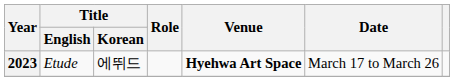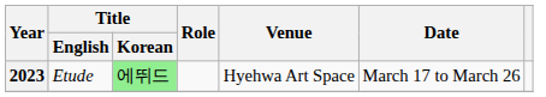 <table class="wikitable sortable plainrowheaders" style="text-align:left; font-size:100%;">
 <tr>
 <th scope="col" rowspan="2">Year</th>
 <th scope="col" colspan="2">Title</th>
 <th scope="col" rowspan="2">Role</th>
 <th scope="col" rowspan="2" class="unsortable">Venue</th>
 <th scope="col" rowspan="2">Date</th>
 <th rowspan="2" scope="col" class="unsortable"></th>
 </tr>
 <tr>
 <th>English</th>
 <th>Korean</th>
 </tr>
 <tr>
 <th scope="row">2023</th>
 <td><em>Etude</em></td>
-<td>에뛰드</td>
+<td style="background: lightgreen;">에뛰드</td>
 <td></td>
-<td><strong>Hyehwa Art Space</strong></td>
+<td>Hyehwa Art Space</td>
 <td>March 17 to March 26</td>
 <td></td>
 </tr>
 <tr>
 </tr>
 </table>
